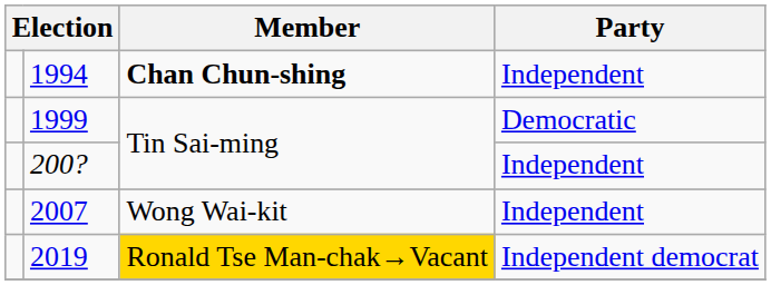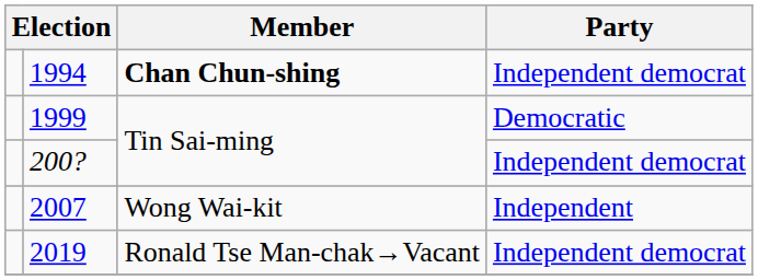 <table class="wikitable">
 <tr>
 <th colspan="2">Election</th>
 <th>Member</th>
 <th>Party</th>
 </tr>
 <tr>
 <td style="background-color: "></td>
 <td><a href='#'>1994</a></td>
 <td><strong>Chan Chun-shing</strong></td>
-<td><a href='#'>Independent</a></td>
+<td><a href='#'>Independent democrat</a></td>
 </tr>
 <tr>
 <td style="background-color: "></td>
 <td><a href='#'>1999</a></td>
 <td rowspan=2>Tin Sai-ming</td>
 <td><a href='#'>Democratic</a></td>
 </tr>
 <tr>
 <td style="background-color: "></td>
 <td><em>200?</em></td>
-<td><a href='#'>Independent</a></td>
+<td><a href='#'>Independent democrat</a></td>
 </tr>
 <tr>
 <td style="background-color: "></td>
 <td><a href='#'>2007</a></td>
 <td>Wong Wai-kit</td>
 <td><a href='#'>Independent</a></td>
 </tr>
 <tr>
 <td style="background-color: "></td>
 <td><a href='#'>2019</a></td>
-<td style="background: gold;">Ronald Tse Man-chak→Vacant</td>
+<td>Ronald Tse Man-chak→Vacant</td>
 <td><a href='#'>Independent democrat</a></td>
 </tr>
 <tr>
 </tr>
 </table>
